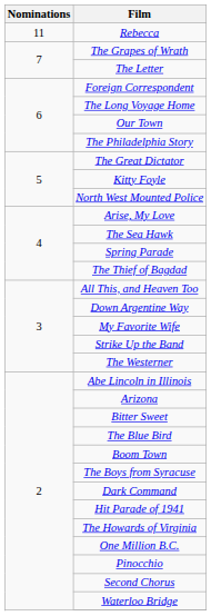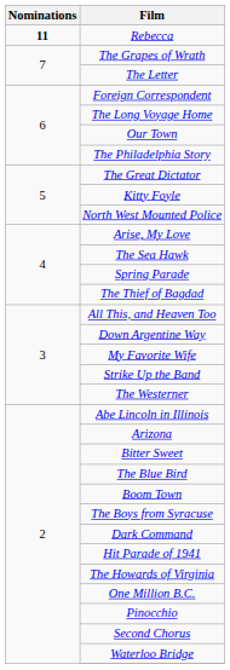 <table class="wikitable" rowspan="2" style="text-align:center;">
 <tr>
 <th scope="col" style="width:55px;">Nominations</th>
 <th scope="col" style="text-align:center;">Film</th>
 </tr>
 <tr>
-<td rowspan="1" style="text-align:center">11</td>
+<td rowspan="1" style="text-align:center"><strong>11</strong></td>
 <td><em><a href='#'>Rebecca</a></em></td>
 </tr>
 <tr>
 <td rowspan="2" style="text-align:center">7</td>
 <td><em><a href='#'>The Grapes of Wrath</a></em></td>
 </tr>
 <tr>
 <td><em><a href='#'>The Letter</a></em></td>
 </tr>
 <tr>
 <td rowspan="4" style="text-align:center">6</td>
 <td><em><a href='#'>Foreign Correspondent</a></em></td>
 </tr>
 <tr>
 <td><em><a href='#'>The Long Voyage Home</a></em></td>
 </tr>
 <tr>
 <td><em><a href='#'>Our Town</a></em></td>
 </tr>
 <tr>
 <td><em><a href='#'>The Philadelphia Story</a></em></td>
 </tr>
 <tr>
 <td rowspan="3" style="text-align:center">5</td>
 <td><em><a href='#'>The Great Dictator</a></em></td>
 </tr>
 <tr>
 <td><em><a href='#'>Kitty Foyle</a></em></td>
 </tr>
 <tr>
 <td><em><a href='#'>North West Mounted Police</a></em></td>
 </tr>
 <tr>
 <td rowspan="4" style="text-align:center">4</td>
 <td><em><a href='#'>Arise, My Love</a></em></td>
 </tr>
 <tr>
 <td><em><a href='#'>The Sea Hawk</a></em></td>
 </tr>
 <tr>
 <td><em><a href='#'>Spring Parade</a></em></td>
 </tr>
 <tr>
 <td><em><a href='#'>The Thief of Bagdad</a></em></td>
 </tr>
 <tr>
 <td rowspan="5" style="text-align:center">3</td>
 <td><em><a href='#'>All This, and Heaven Too</a></em></td>
 </tr>
 <tr>
 <td><em><a href='#'>Down Argentine Way</a></em></td>
 </tr>
 <tr>
 <td><em><a href='#'>My Favorite Wife</a></em></td>
 </tr>
 <tr>
 <td><em><a href='#'>Strike Up the Band</a></em></td>
 </tr>
 <tr>
 <td><em><a href='#'>The Westerner</a></em></td>
 </tr>
 <tr>
 <td rowspan="14" style="text-align:center">2</td>
 <td><em><a href='#'>Abe Lincoln in Illinois</a></em></td>
 </tr>
 <tr>
 <td><em><a href='#'>Arizona</a></em></td>
 </tr>
 <tr>
 <td><em><a href='#'>Bitter Sweet</a></em></td>
 </tr>
 <tr>
 <td><em><a href='#'>The Blue Bird</a></em></td>
 </tr>
 <tr>
 <td><em><a href='#'>Boom Town</a></em></td>
 </tr>
 <tr>
 <td><em><a href='#'>The Boys from Syracuse</a></em></td>
 </tr>
 <tr>
 <td><em><a href='#'>Dark Command</a></em></td>
 </tr>
 <tr>
 <td><em><a href='#'>Hit Parade of 1941</a></em></td>
 </tr>
 <tr>
 <td><em><a href='#'>The Howards of Virginia</a></em></td>
 </tr>
 <tr>
 <td><em><a href='#'>One Million B.C.</a></em></td>
 </tr>
 <tr>
 <td><em><a href='#'>Pinocchio</a></em></td>
 </tr>
 <tr>
 <td><em><a href='#'>Second Chorus</a></em></td>
 </tr>
 <tr>
 <td><em><a href='#'>Waterloo Bridge</a></em></td>
 </tr>
 <tr>
 </tr>
 </table>
